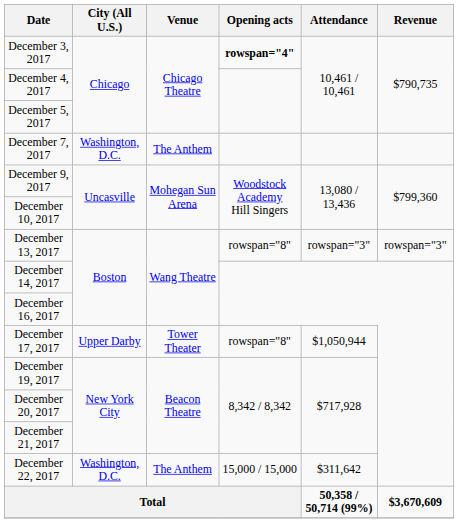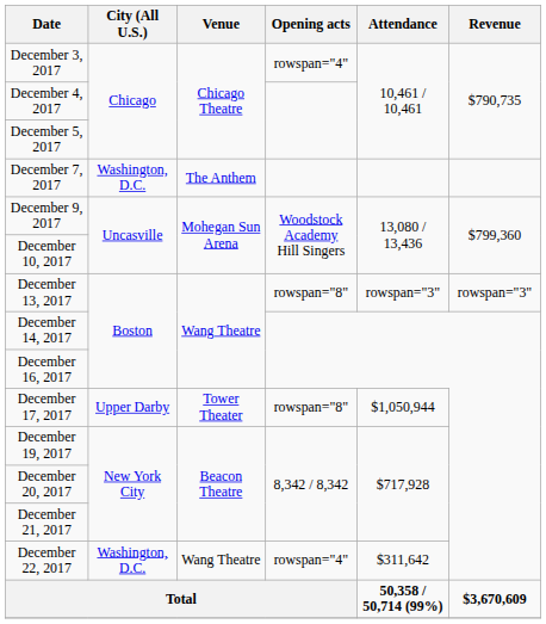 <table class="wikitable" style="text-align:center;">
 <tr>
 <th scope="col" style="width:12em;">Date</th>
 <th scope="col" style="width:10em;">City (All U.S.)</th>
 <th scope="col" style="width:16em;">Venue</th>
 <th scope="col" style="width:10em;">Opening acts</th>
 <th scope="col" style="width:10em;">Attendance</th>
 <th scope="col" style="width:10em;">Revenue</th>
 </tr>
 <tr>
 <td>December 3, 2017</td>
 <td rowspan="3"><a href='#'>Chicago</a></td>
 <td rowspan="3"><a href='#'>Chicago Theatre</a></td>
-<td><strong>rowspan="4" </strong></td>
+<td>rowspan="4" </td>
 <td rowspan="3">10,461 / 10,461</td>
 <td rowspan="3">$790,735</td>
 </tr>
 <tr>
 <td>December 4, 2017</td>
 </tr>
 <tr>
 <td>December 5, 2017</td>
 </tr>
 <tr>
 <td>December 7, 2017</td>
 <td><a href='#'>Washington, D.C.</a></td>
 <td><a href='#'>The Anthem</a></td>
 <td></td>
 <td></td>
 </tr>
 <tr>
 <td>December 9, 2017</td>
 <td rowspan="2"><a href='#'>Uncasville</a></td>
 <td rowspan="2"><a href='#'>Mohegan Sun Arena</a></td>
 <td rowspan="2"><a href='#'>Woodstock Academy</a><br>Hill Singers</td>
 <td rowspan="2">13,080 / 13,436</td>
 <td rowspan="2">$799,360</td>
 </tr>
 <tr>
 <td>December 10, 2017</td>
 </tr>
 <tr>
 <td>December 13, 2017</td>
 <td rowspan="3"><a href='#'>Boston</a></td>
 <td rowspan="3"><a href='#'>Wang Theatre</a></td>
 <td>rowspan="8" </td>
 <td>rowspan="3" </td>
 <td>rowspan="3" </td>
 </tr>
 <tr>
 <td>December 14, 2017</td>
 </tr>
 <tr>
 <td>December 16, 2017</td>
 </tr>
 <tr>
 <td>December 17, 2017</td>
 <td><a href='#'>Upper Darby</a></td>
 <td><a href='#'>Tower Theater</a></td>
 <td>rowspan="8" </td>
 <td>$1,050,944</td>
 </tr>
 <tr>
 <td>December 19, 2017</td>
 <td rowspan="3"><a href='#'>New York City</a></td>
 <td rowspan="3"><a href='#'>Beacon Theatre</a></td>
 <td rowspan="3">8,342 / 8,342</td>
 <td rowspan="3">$717,928</td>
 </tr>
 <tr>
 <td>December 20, 2017</td>
 </tr>
 <tr>
 <td>December 21, 2017</td>
 </tr>
 <tr>
 <td>December 22, 2017</td>
 <td><a href='#'>Washington, D.C.</a></td>
-<td><a href='#'>The Anthem</a></td>
-<td>15,000 / 15,000</td>
+<td>Wang Theatre</td>
+<td>rowspan="4" </td>
 <td>$311,642</td>
 </tr>
 <tr>
 <th colspan="4">Total</th>
 <td><strong>50,358 / 50,714 (99%)</strong></td>
 <td><strong>$3,670,609</strong></td>
 </tr>
 <tr>
 </tr>
 </table>
